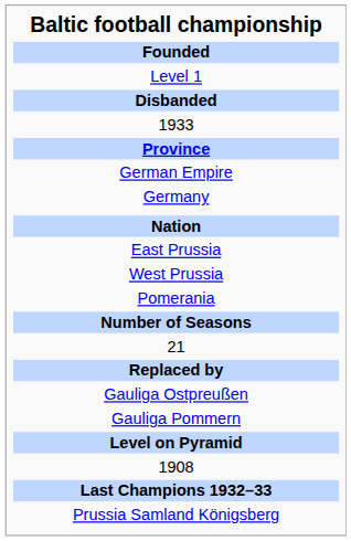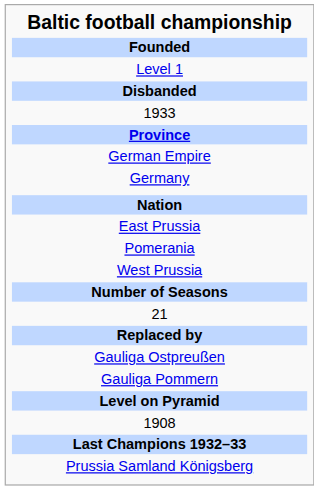 <table class="infobox football" style="width: 16em; text-align: center;">
 <tr>
 <th style="font-size: 16px;">Baltic football championship</th>
 </tr>
 <tr>
 <td style="font-size: 12px; background: #BFD7FF;"><strong>Founded</strong></td>
 </tr>
 <tr>
 <td style="font-size: 12px;"><a href='#'>Level 1</a></td>
 </tr>
 <tr>
 <td style="font-size: 12px; background: #BFD7FF;"><strong>Disbanded</strong></td>
 </tr>
 <tr>
 <td style="font-size: 12px;">1933</td>
 </tr>
 <tr>
 <td style="font-size: 12px; background: #BFD7FF;"><strong><a href='#'>Province</a></strong></td>
 </tr>
 <tr>
 <td style="font-size: 12px;"> <a href='#'>German Empire</a></td>
 </tr>
 <tr>
 <td style="font-size: 12px;"> <a href='#'>Germany</a></td>
 </tr>
 <tr>
 <td style="font-size: 11px; line-height: 15px;"></td>
 </tr>
 <tr>
 <td style="font-size: 12px; background: #BFD7FF;"><strong>Nation</strong></td>
 </tr>
 <tr>
 <td style="font-size: 12px;"><a href='#'>East Prussia</a></td>
 </tr>
 <tr>
-<td style="font-size: 12px;"><a href='#'>West Prussia</a></td>
+<td style="font-size: 12px;"><a href='#'>Pomerania</a></td>
 </tr>
 <tr>
-<td style="font-size: 12px;"><a href='#'>Pomerania</a></td>
+<td style="font-size: 12px;"><a href='#'>West Prussia</a></td>
 </tr>
 <tr>
 <td style="font-size: 12px; background: #BFD7FF;"><strong>Number of Seasons</strong></td>
 </tr>
 <tr>
 <td style="font-size: 12px;">21</td>
 </tr>
 <tr>
 <td style="font-size: 12px; background: #BFD7FF;"><strong>Replaced by</strong></td>
 </tr>
 <tr>
 <td style="font-size: 12px;"><a href='#'>Gauliga Ostpreußen</a></td>
 </tr>
 <tr>
 <td style="font-size: 12px;"><a href='#'>Gauliga Pommern</a></td>
 </tr>
 <tr>
 <td style="font-size: 12px; background: #BFD7FF;"><strong>Level on Pyramid</strong></td>
 </tr>
 <tr>
 <td style="font-size: 12px;">1908</td>
 </tr>
 <tr>
 <td style="font-size: 12px; background: #BFD7FF;"><strong>Last Champions 1932–33</strong></td>
 </tr>
 <tr>
 <td style="font-size: 12px;"><a href='#'>Prussia Samland Königsberg</a></td>
 </tr>
 <tr>
 </tr>
 </table>
